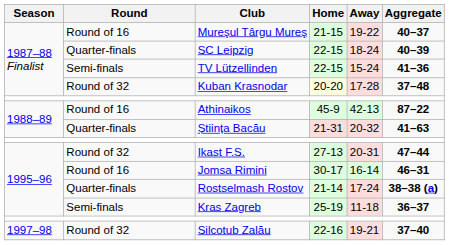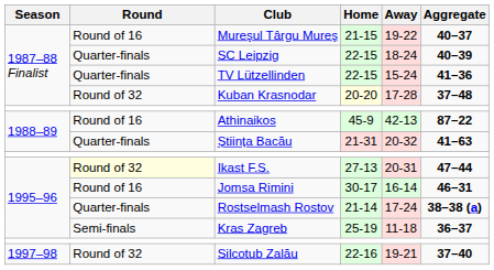 <table class="wikitable">
 <tr>
 <th width=75>Season</th>
 <th width=175>Round</th>
 <th>Club</th>
 <th>Home</th>
 <th>Away</th>
 <th>Aggregate</th>
 </tr>
 <tr>
 <td rowspan=4><a href='#'>1987–88</a><br> <em>Finalist</em></td>
 <td>Round of 16</td>
 <td> <a href='#'>Mureşul Târgu Mureş</a></td>
 <td style="text-align:center; background:#dfd;">21-15</td>
 <td style="text-align:center; background:#fdd;">19-22</td>
 <td style="text-align:center;"><strong>40–37</strong></td>
 </tr>
 <tr>
 <td>Quarter-finals</td>
 <td> <a href='#'>SC Leipzig</a></td>
 <td style="text-align:center; background:#dfd;">22-15</td>
 <td style="text-align:center; background:#fdd;">18-24</td>
 <td style="text-align:center;"><strong>40–39</strong></td>
 </tr>
 <tr>
-<td>Semi-finals</td>
+<td>Quarter-finals</td>
 <td> <a href='#'>TV Lützellinden</a></td>
 <td style="text-align:center; background:#dfd;">22-15</td>
 <td style="text-align:center; background:#fdd;">15-24</td>
 <td style="text-align:center;"><strong>41–36</strong></td>
 </tr>
 <tr>
 <td>Round of 32</td>
 <td> <a href='#'>Kuban Krasnodar</a></td>
 <td style="text-align:center; background:#ffd;">20-20</td>
 <td style="text-align:center; background:#fdd;">17-28</td>
 <td style="text-align:center;"><strong>37–48</strong></td>
 </tr>
 <tr>
 <td colspan=7 style="text-align: center;" bgcolor=white></td>
 </tr>
 <tr>
 <td rowspan=2><a href='#'>1988–89</a></td>
 <td>Round of 16</td>
 <td> <a href='#'>Athinaikos</a></td>
 <td style="text-align:center; background:#dfd;">45-9</td>
 <td style="text-align:center; background:#dfd;">42-13</td>
 <td style="text-align:center;"><strong>87–22</strong></td>
 </tr>
 <tr>
 <td>Quarter-finals</td>
 <td> <a href='#'>Știința Bacău</a></td>
 <td style="text-align:center; background:#fdd;">21-31</td>
 <td style="text-align:center; background:#fdd;">20-32</td>
 <td style="text-align:center;"><strong>41–63</strong></td>
 </tr>
 <tr>
 <td colspan=7 style="text-align: center;" bgcolor=white></td>
 </tr>
 <tr>
 <td rowspan=4><a href='#'>1995–96</a></td>
-<td>Round of 32</td>
+<td style="background: lightyellow;">Round of 32</td>
 <td> <a href='#'>Ikast F.S.</a></td>
 <td style="text-align:center; background:#dfd;">27-13</td>
 <td style="text-align:center; background:#fdd;">20-31</td>
 <td style="text-align:center;"><strong>47–44</strong></td>
 </tr>
 <tr>
 <td>Round of 16</td>
 <td> <a href='#'>Jomsa Rimini</a></td>
 <td style="text-align:center; background:#dfd;">30-17</td>
 <td style="text-align:center; background:#dfd;">16-14</td>
 <td style="text-align:center;"><strong>46–31</strong></td>
 </tr>
 <tr>
 <td>Quarter-finals</td>
 <td> <a href='#'>Rostselmash Rostov</a></td>
 <td style="text-align:center; background:#dfd;">21-14</td>
 <td style="text-align:center; background:#fdd;">17-24</td>
 <td style="text-align:center;"><strong>38–38 (<a href='#'>a</a>)</strong></td>
 </tr>
 <tr>
 <td>Semi-finals</td>
 <td> <a href='#'>Kras Zagreb</a></td>
 <td style="text-align:center; background:#dfd;">25-19</td>
 <td style="text-align:center; background:#fdd;">11-18</td>
 <td style="text-align:center;"><strong>36–37</strong></td>
 </tr>
 <tr>
 <td colspan=7 style="text-align: center;" bgcolor=white></td>
 </tr>
 <tr>
 <td rowspan=1><a href='#'>1997–98</a></td>
 <td>Round of 32</td>
 <td> <a href='#'>Silcotub Zalău</a></td>
 <td style="text-align:center; background:#dfd;">22-16</td>
 <td style="text-align:center; background:#fdd;">19-21</td>
 <td style="text-align:center;"><strong>37–40</strong></td>
 </tr>
 </table>
